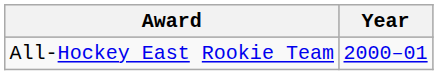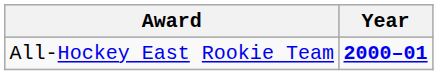 <table class="wikitable">
 <tr>
 <th>Award</th>
 <th>Year</th>
 </tr>
 <tr>
 <td>All-<a href='#'>Hockey East</a> <a href='#'>Rookie Team</a></td>
-<td><a href='#'>2000–01</a></td>
+<td><strong><a href='#'>2000–01</a></strong></td>
 </tr>
 </table>
